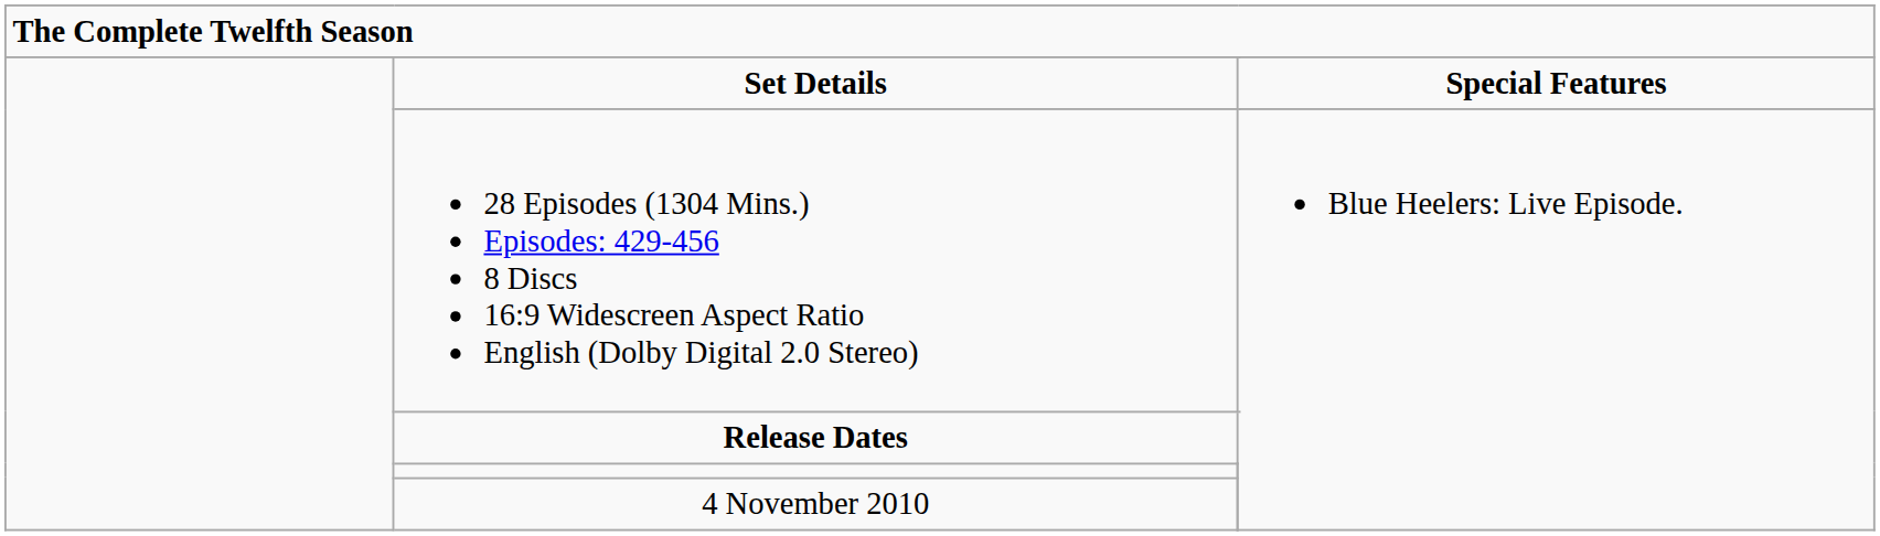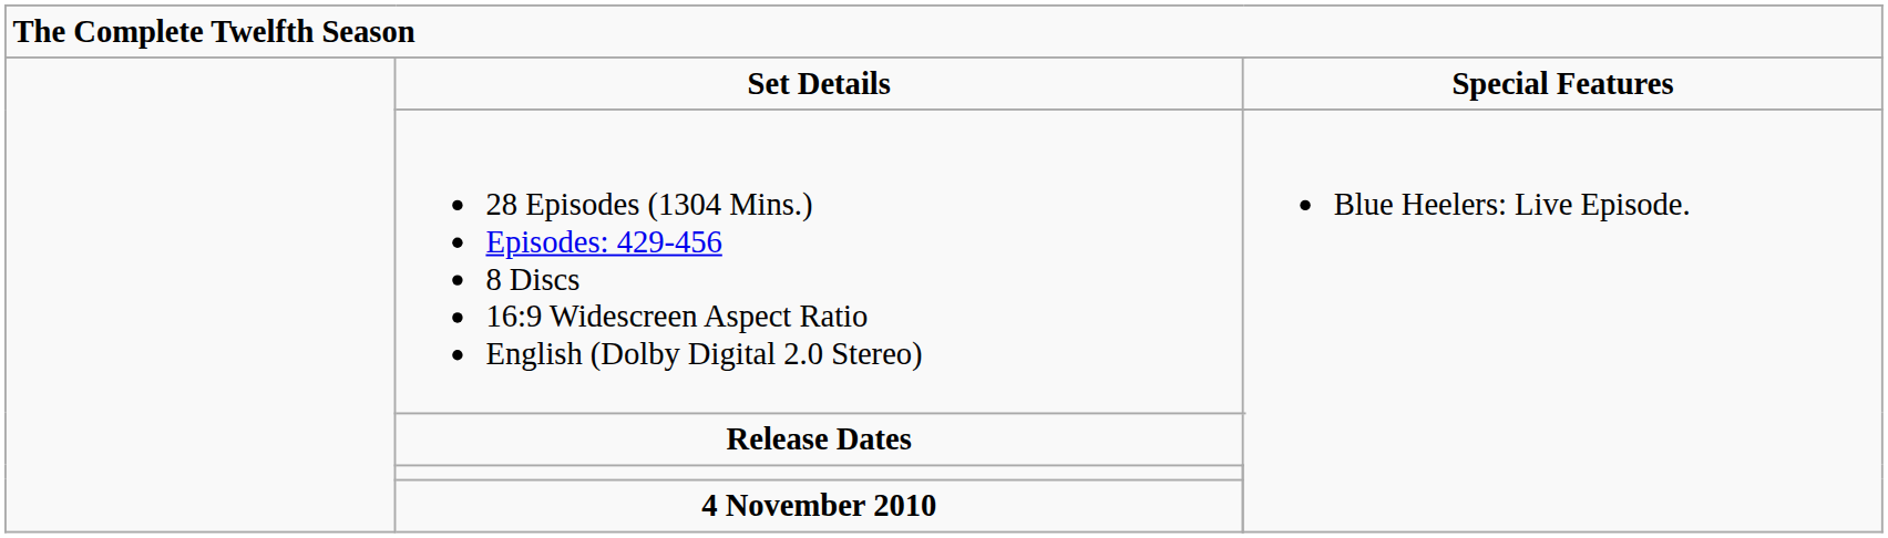 <table class="wikitable" style="font-size: 95%;">
 <tr>
 <td colspan="5"><strong>The Complete Twelfth Season</strong></td>
 </tr>
 <tr>
 <td rowspan="6" align="center" width="180"></td>
 <td align="center" width="350" colspan="3"><strong>Set Details</strong></td>
 <td width="250" align="center"><strong>Special Features</strong></td>
 </tr>
 <tr valign="top">
 <td colspan="3" align="left" width="400"><br><ul><li>28 Episodes (1304 Mins.)</li><li><a href='#'>Episodes: 429-456</a></li><li>8 Discs</li><li>16:9 Widescreen Aspect Ratio</li><li>English (Dolby Digital 2.0 Stereo)</li></ul></td>
 <td rowspan="4" align="left" width="300"><br><ul><li>Blue Heelers: Live Episode.</li></ul></td>
 </tr>
 <tr>
 <td colspan="3" align="center"><strong>Release Dates</strong></td>
 </tr>
 <tr>
 <td align="center"></td>
 </tr>
 <tr>
-<td align="center">4 November 2010</td>
+<td align="center"><strong>4 November 2010</strong></td>
 </tr>
 </table>
